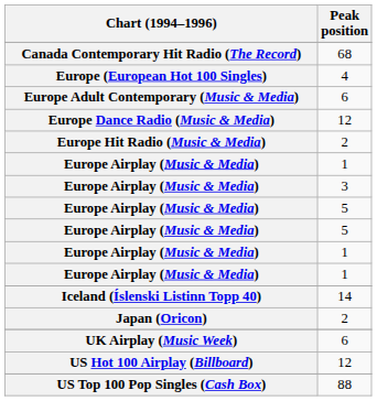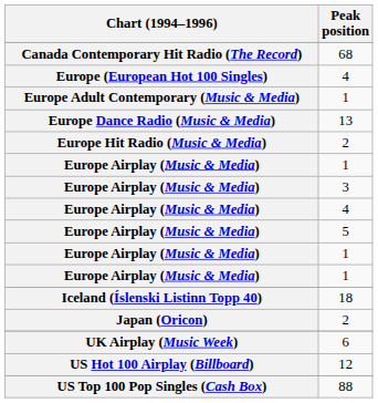 <table class="wikitable sortable plainrowheaders" style="text-align:center">
 <tr>
 <th scope="col" style="width:22em;">Chart (1994–1996)</th>
 <th scope="col">Peak<br>position</th>
 </tr>
 <tr>
 </tr>
 <tr>
 </tr>
 <tr>
 <th scope="row">Canada Contemporary Hit Radio (<em><a href='#'>The Record</a></em>)</th>
 <td>68</td>
 </tr>
 <tr>
 <th scope="row">Europe (<a href='#'>European Hot 100 Singles</a>)</th>
 <td>4</td>
 </tr>
 <tr>
 <th scope="row">Europe Adult Contemporary (<em><a href='#'>Music & Media</a></em>)</th>
-<td>6</td>
+<td>1</td>
 </tr>
 <tr>
 <th scope="row">Europe <a href='#'>Dance Radio</a> (<em><a href='#'>Music & Media</a></em>)</th>
-<td>12</td>
+<td>13</td>
 </tr>
 <tr>
 <th scope="row">Europe Hit Radio (<em><a href='#'>Music & Media</a></em>)</th>
 <td>2</td>
 </tr>
 <tr>
 <th scope="row">Europe  Airplay (<em><a href='#'>Music & Media</a></em>)</th>
 <td>1</td>
 </tr>
 <tr>
 <th scope="row">Europe  Airplay (<em><a href='#'>Music & Media</a></em>)</th>
 <td>3</td>
 </tr>
 <tr>
 <th scope="row">Europe  Airplay (<em><a href='#'>Music & Media</a></em>)</th>
-<td>5</td>
+<td>4</td>
 </tr>
 <tr>
 <th scope="row">Europe  Airplay (<em><a href='#'>Music & Media</a></em>)</th>
 <td>5</td>
 </tr>
 <tr>
 <th scope="row">Europe  Airplay (<em><a href='#'>Music & Media</a></em>)</th>
 <td>1</td>
 </tr>
 <tr>
 <th scope="row">Europe  Airplay (<em><a href='#'>Music & Media</a></em>)</th>
 <td>1</td>
 </tr>
 <tr>
 </tr>
 <tr>
 <th scope="row">Iceland (<a href='#'>Íslenski Listinn Topp 40</a>)</th>
-<td>14</td>
+<td>18</td>
 </tr>
 <tr>
 <th scope="row">Japan (<a href='#'>Oricon</a>)</th>
 <td>2</td>
 </tr>
 <tr>
 </tr>
 <tr>
 </tr>
 <tr>
 </tr>
 <tr>
 </tr>
 <tr>
 </tr>
 <tr>
 </tr>
 <tr>
 </tr>
 <tr>
 <th scope="row">UK Airplay (<em><a href='#'>Music Week</a></em>)</th>
 <td>6</td>
 </tr>
 <tr>
 <th scope="row">US <a href='#'>Hot 100 Airplay</a> (<em><a href='#'>Billboard</a></em>)</th>
 <td>12</td>
 </tr>
 <tr>
 </tr>
 <tr>
 </tr>
 <tr>
 </tr>
 <tr>
 </tr>
 <tr>
 <th scope="row">US Top 100 Pop Singles (<em><a href='#'>Cash Box</a></em>)</th>
 <td>88</td>
 </tr>
 </table>
